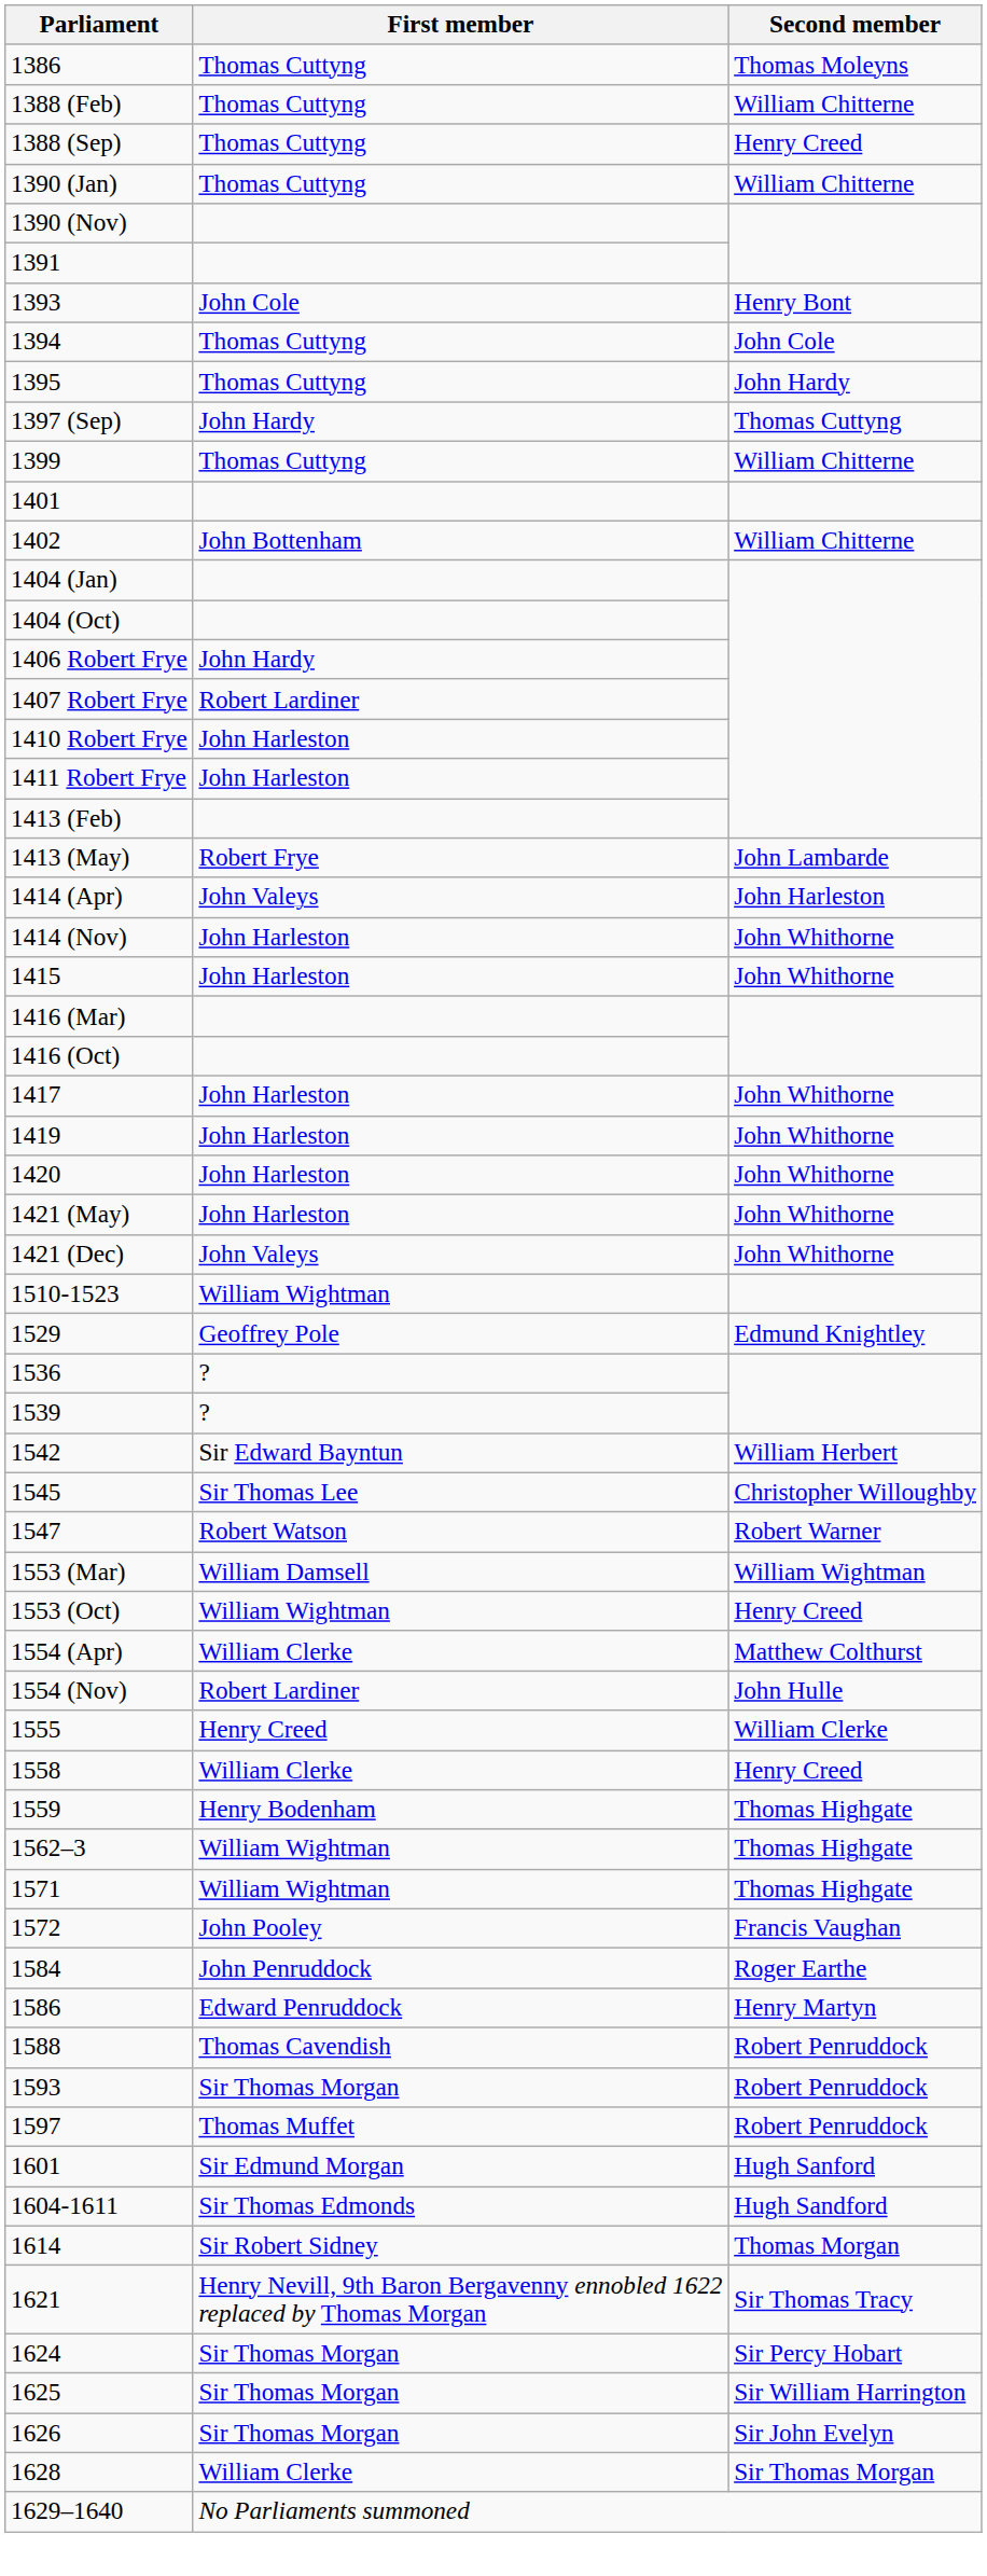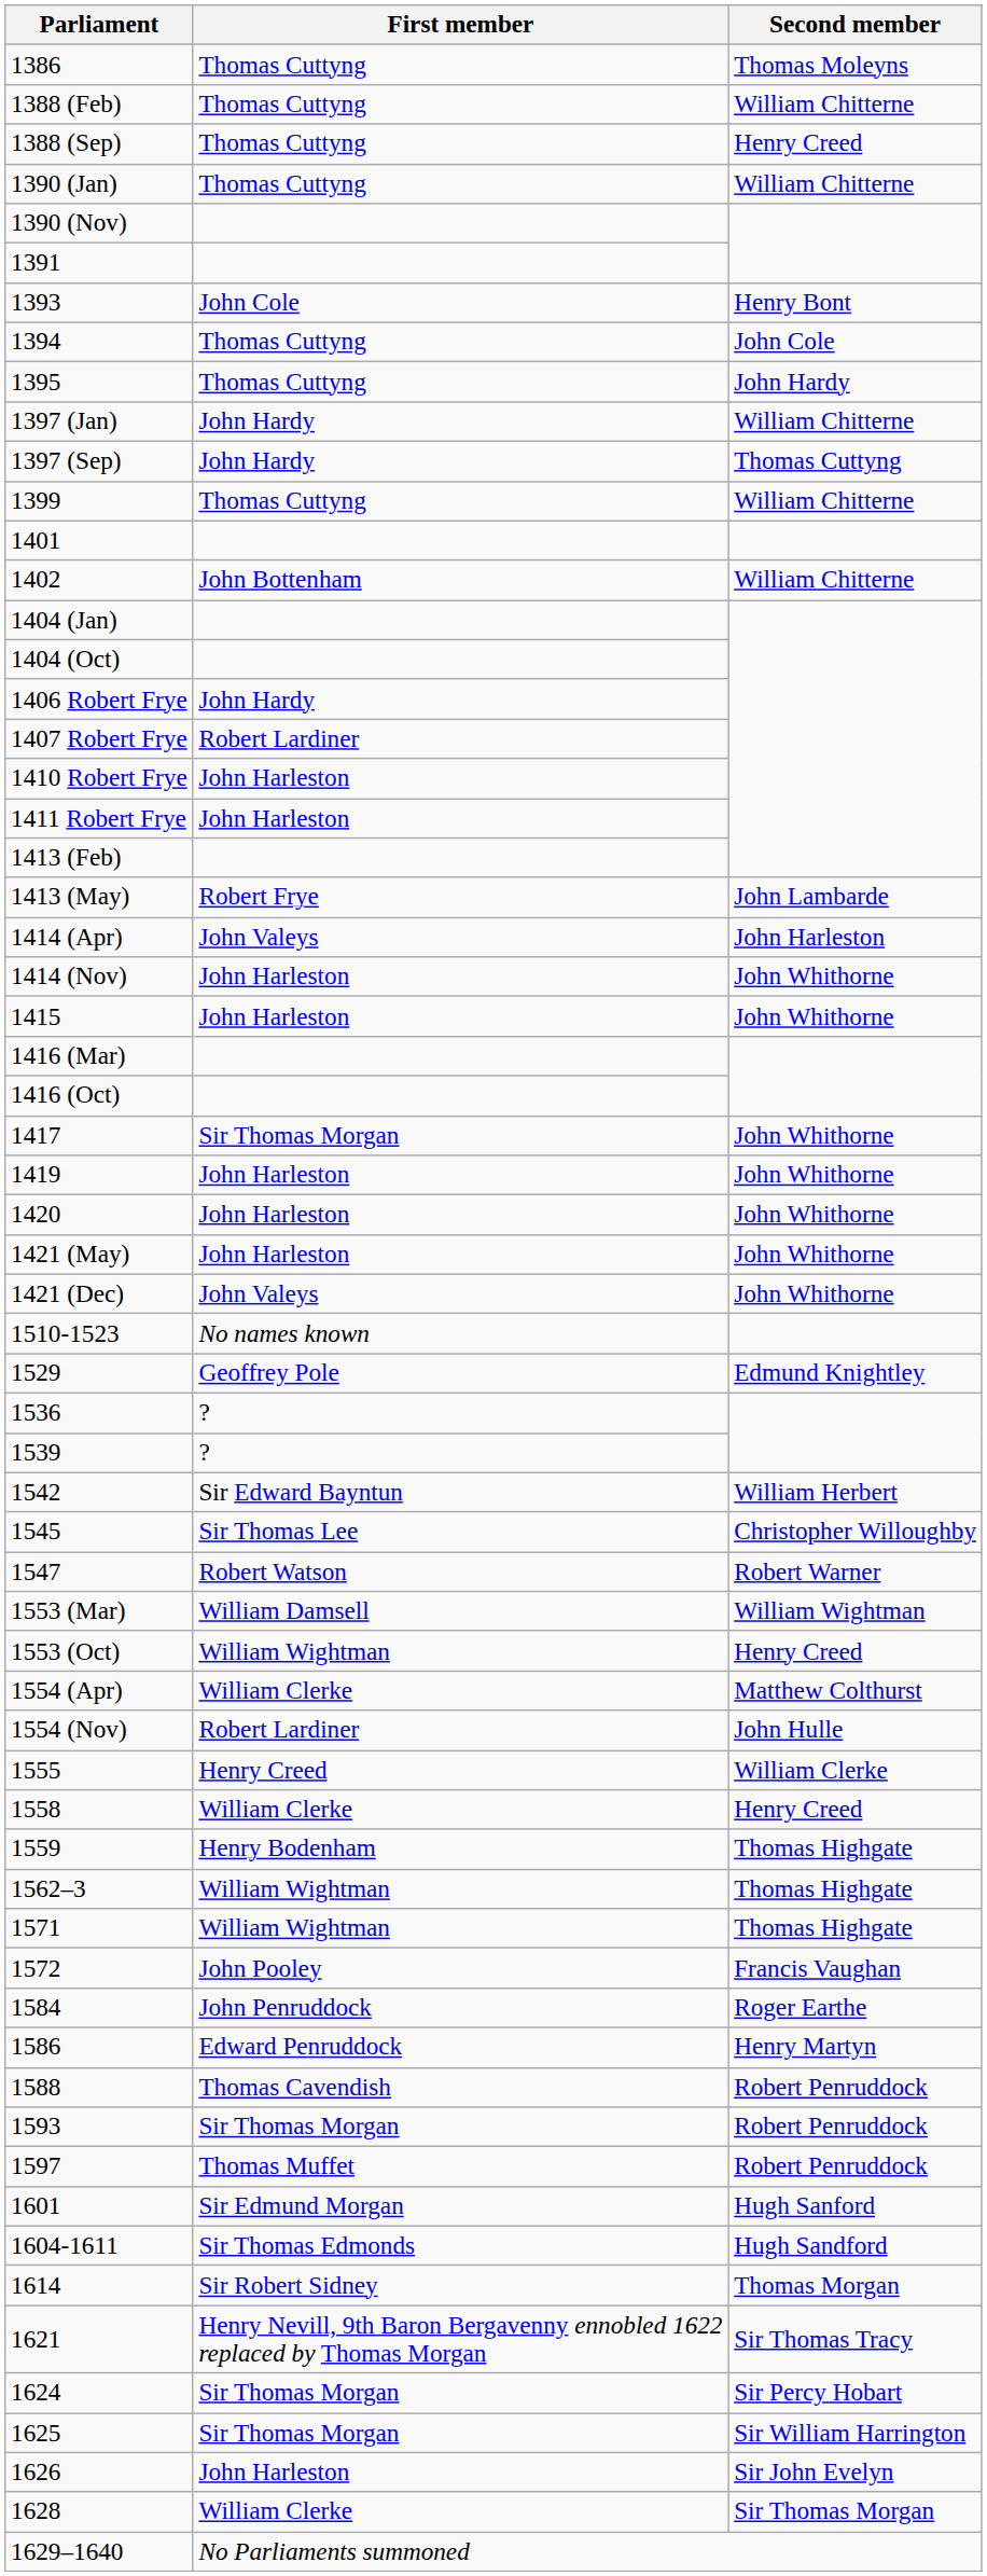 <table class="wikitable">
 <tr>
 <th>Parliament</th>
 <th>First member</th>
 <th>Second member</th>
 </tr>
 <tr>
 <td>1386</td>
 <td><a href='#'>Thomas Cuttyng</a></td>
 <td><a href='#'>Thomas Moleyns</a></td>
 </tr>
 <tr>
 <td>1388 (Feb)</td>
 <td><a href='#'>Thomas Cuttyng</a></td>
 <td><a href='#'>William Chitterne</a></td>
 </tr>
 <tr>
 <td>1388 (Sep)</td>
 <td><a href='#'>Thomas Cuttyng</a></td>
 <td><a href='#'>Henry Creed</a></td>
 </tr>
 <tr>
 <td>1390 (Jan)</td>
 <td><a href='#'>Thomas Cuttyng</a></td>
 <td><a href='#'>William Chitterne</a></td>
 </tr>
 <tr>
 <td>1390 (Nov)</td>
 <td></td>
 </tr>
 <tr>
 <td>1391</td>
 <td></td>
 </tr>
 <tr>
 <td>1393</td>
 <td><a href='#'>John Cole</a></td>
 <td><a href='#'>Henry Bont</a></td>
 </tr>
 <tr>
 <td>1394</td>
 <td><a href='#'>Thomas Cuttyng</a></td>
 <td><a href='#'>John Cole</a></td>
 </tr>
 <tr>
 <td>1395</td>
 <td><a href='#'>Thomas Cuttyng</a></td>
 <td><a href='#'>John Hardy</a></td>
+</tr>
+<tr>
+<td>1397 (Jan)</td>
+<td><a href='#'>John Hardy</a></td>
+<td><a href='#'>William Chitterne</a></td>
 </tr>
 <tr>
 <td>1397 (Sep)</td>
 <td><a href='#'>John Hardy</a></td>
 <td><a href='#'>Thomas Cuttyng</a></td>
 </tr>
 <tr>
 <td>1399</td>
 <td><a href='#'>Thomas Cuttyng</a></td>
 <td><a href='#'>William Chitterne</a></td>
 </tr>
 <tr>
 <td>1401</td>
 <td></td>
 </tr>
 <tr>
 <td>1402</td>
 <td><a href='#'>John Bottenham</a></td>
 <td><a href='#'>William Chitterne</a></td>
 </tr>
 <tr>
 <td>1404 (Jan)</td>
 <td></td>
 </tr>
 <tr>
 <td>1404 (Oct)</td>
 <td></td>
 </tr>
 <tr>
 <td>1406	<a href='#'>Robert Frye</a></td>
 <td><a href='#'>John Hardy</a></td>
 </tr>
 <tr>
 <td>1407	<a href='#'>Robert Frye</a></td>
 <td><a href='#'>Robert Lardiner</a></td>
 </tr>
 <tr>
 <td>1410	<a href='#'>Robert Frye</a></td>
 <td><a href='#'>John Harleston</a></td>
 </tr>
 <tr>
 <td>1411	<a href='#'>Robert Frye</a></td>
 <td><a href='#'>John Harleston</a></td>
 </tr>
 <tr>
 <td>1413 (Feb)</td>
 <td></td>
 </tr>
 <tr>
 <td>1413 (May)</td>
 <td><a href='#'>Robert Frye</a></td>
 <td><a href='#'>John Lambarde</a></td>
 </tr>
 <tr>
 <td>1414 (Apr)</td>
 <td><a href='#'>John Valeys</a></td>
 <td><a href='#'>John Harleston</a></td>
 </tr>
 <tr>
 <td>1414 (Nov)</td>
 <td><a href='#'>John Harleston</a></td>
 <td><a href='#'>John Whithorne</a></td>
 </tr>
 <tr>
 <td>1415</td>
 <td><a href='#'>John Harleston</a></td>
 <td><a href='#'>John Whithorne</a></td>
 </tr>
 <tr>
 <td>1416 (Mar)</td>
 <td></td>
 </tr>
 <tr>
 <td>1416 (Oct)</td>
 <td></td>
 </tr>
 <tr>
 <td>1417</td>
-<td><a href='#'>John Harleston</a></td>
+<td><a href='#'>Sir Thomas Morgan</a></td>
 <td><a href='#'>John Whithorne</a></td>
 </tr>
 <tr>
 <td>1419</td>
 <td><a href='#'>John Harleston</a></td>
 <td><a href='#'>John Whithorne</a></td>
 </tr>
 <tr>
 <td>1420</td>
 <td><a href='#'>John Harleston</a></td>
 <td><a href='#'>John Whithorne</a></td>
 </tr>
 <tr>
 <td>1421 (May)</td>
 <td><a href='#'>John Harleston</a></td>
 <td><a href='#'>John Whithorne</a></td>
 </tr>
 <tr>
 <td>1421 (Dec)</td>
 <td><a href='#'>John Valeys</a></td>
 <td><a href='#'>John Whithorne</a></td>
 </tr>
 <tr>
 <td>1510-1523</td>
-<td><a href='#'>William Wightman</a></td>
+<td><em>No names known</em></td>
 </tr>
 <tr>
 <td>1529</td>
 <td><a href='#'>Geoffrey Pole</a></td>
 <td><a href='#'>Edmund Knightley</a></td>
 </tr>
 <tr>
 <td>1536</td>
 <td>?</td>
 </tr>
 <tr>
 <td>1539</td>
 <td>?</td>
 </tr>
 <tr>
 <td>1542</td>
 <td>Sir <a href='#'>Edward Bayntun</a></td>
 <td><a href='#'>William Herbert</a></td>
 </tr>
 <tr>
 <td>1545</td>
 <td><a href='#'>Sir Thomas Lee</a></td>
 <td><a href='#'>Christopher Willoughby</a></td>
 </tr>
 <tr>
 <td>1547</td>
 <td><a href='#'>Robert Watson</a></td>
 <td><a href='#'>Robert Warner</a></td>
 </tr>
 <tr>
 <td>1553 (Mar)</td>
 <td><a href='#'>William Damsell</a></td>
 <td><a href='#'>William Wightman</a></td>
 </tr>
 <tr>
 <td>1553 (Oct)</td>
 <td><a href='#'>William Wightman</a></td>
 <td><a href='#'>Henry Creed</a></td>
 </tr>
 <tr>
 <td>1554 (Apr)</td>
 <td><a href='#'>William Clerke</a></td>
 <td><a href='#'>Matthew Colthurst</a></td>
 </tr>
 <tr>
 <td>1554 (Nov)</td>
 <td><a href='#'>Robert Lardiner</a></td>
 <td><a href='#'>John Hulle</a></td>
 </tr>
 <tr>
 <td>1555</td>
 <td><a href='#'>Henry Creed</a></td>
 <td><a href='#'>William Clerke</a></td>
 </tr>
 <tr>
 <td>1558</td>
 <td><a href='#'>William Clerke</a></td>
 <td><a href='#'>Henry Creed</a></td>
 </tr>
 <tr>
 <td>1559</td>
 <td><a href='#'>Henry Bodenham</a></td>
 <td><a href='#'>Thomas Highgate</a></td>
 </tr>
 <tr>
 <td>1562–3</td>
 <td><a href='#'>William Wightman</a></td>
 <td><a href='#'>Thomas Highgate</a></td>
 </tr>
 <tr>
 <td>1571</td>
 <td><a href='#'>William Wightman</a></td>
 <td><a href='#'>Thomas Highgate</a></td>
 </tr>
 <tr>
 <td>1572</td>
 <td><a href='#'>John Pooley</a></td>
 <td><a href='#'>Francis Vaughan</a></td>
 </tr>
 <tr>
 <td>1584</td>
 <td><a href='#'>John Penruddock</a></td>
 <td><a href='#'>Roger Earthe</a></td>
 </tr>
 <tr>
 <td>1586</td>
 <td><a href='#'>Edward Penruddock</a></td>
 <td><a href='#'>Henry Martyn</a></td>
 </tr>
 <tr>
 <td>1588</td>
 <td><a href='#'>Thomas Cavendish</a></td>
 <td><a href='#'>Robert Penruddock</a></td>
 </tr>
 <tr>
 <td>1593</td>
 <td><a href='#'>Sir Thomas Morgan</a></td>
 <td><a href='#'>Robert Penruddock</a></td>
 </tr>
 <tr>
 <td>1597</td>
 <td><a href='#'>Thomas Muffet</a></td>
 <td><a href='#'>Robert Penruddock</a></td>
 </tr>
 <tr>
 <td>1601</td>
 <td><a href='#'>Sir Edmund Morgan</a></td>
 <td><a href='#'>Hugh Sanford</a></td>
 </tr>
 <tr>
 <td>1604-1611</td>
 <td><a href='#'>Sir Thomas Edmonds</a></td>
 <td><a href='#'>Hugh Sandford</a></td>
 </tr>
 <tr>
 <td>1614</td>
 <td><a href='#'>Sir Robert Sidney</a></td>
 <td><a href='#'>Thomas Morgan</a></td>
 </tr>
 <tr>
 <td>1621</td>
 <td><a href='#'>Henry Nevill, 9th Baron Bergavenny</a> <em>ennobled 1622 <br> replaced by</em> <a href='#'>Thomas Morgan</a></td>
 <td><a href='#'>Sir Thomas Tracy</a></td>
 </tr>
 <tr>
 <td>1624</td>
 <td><a href='#'>Sir Thomas Morgan</a></td>
 <td><a href='#'>Sir Percy Hobart</a></td>
 </tr>
 <tr>
 <td>1625</td>
 <td><a href='#'>Sir Thomas Morgan</a></td>
 <td><a href='#'>Sir William Harrington</a></td>
 </tr>
 <tr>
 <td>1626</td>
-<td><a href='#'>Sir Thomas Morgan</a></td>
+<td><a href='#'>John Harleston</a></td>
 <td><a href='#'>Sir John Evelyn</a></td>
 </tr>
 <tr>
 <td>1628</td>
 <td><a href='#'>William Clerke</a></td>
 <td><a href='#'>Sir Thomas Morgan</a></td>
 </tr>
 <tr>
 <td>1629–1640</td>
 <td colspan="2"><em>No Parliaments summoned</em></td>
 </tr>
 </table>
